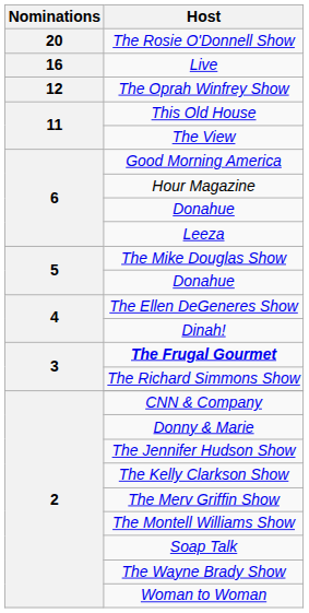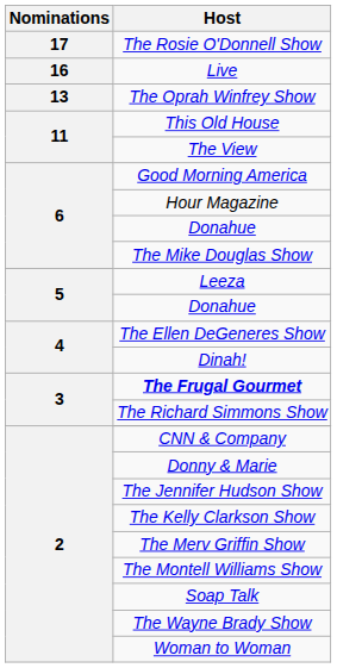 <table class="wikitable" style="text-align: center;">
 <tr>
 <th scope="col" width="55">Nominations</th>
 <th scope="col" align="center">Host</th>
 </tr>
 <tr>
-<th>20</th>
+<th>17</th>
 <td><em><a href='#'>The Rosie O'Donnell Show</a></em></td>
 </tr>
 <tr>
 <th>16</th>
 <td><em><a href='#'>Live</a></em></td>
 </tr>
 <tr>
-<th>12</th>
+<th>13</th>
 <td><em><a href='#'>The Oprah Winfrey Show</a></em></td>
 </tr>
 <tr>
 <th rowspan=2>11</th>
 <td><em><a href='#'>This Old House</a></em></td>
 </tr>
 <tr>
 <td><em><a href='#'>The View</a></em></td>
 </tr>
 <tr>
 <th rowspan=4>6</th>
 <td><em><a href='#'>Good Morning America</a></em></td>
 </tr>
 <tr>
 <td><em>Hour Magazine</em></td>
 </tr>
 <tr>
 <td><em><a href='#'>Donahue</a></em></td>
 </tr>
 <tr>
-<td><em><a href='#'>Leeza</a></em></td>
+<td><em><a href='#'>The Mike Douglas Show</a></em></td>
 </tr>
 <tr>
 <th rowspan=2>5</th>
-<td><em><a href='#'>The Mike Douglas Show</a></em></td>
+<td><em><a href='#'>Leeza</a></em></td>
 </tr>
 <tr>
 <td><em><a href='#'>Donahue</a></em></td>
 </tr>
 <tr>
 <th rowspan=2>4</th>
 <td><em><a href='#'>The Ellen DeGeneres Show</a></em></td>
 </tr>
 <tr>
 <td><em><a href='#'>Dinah!</a></em></td>
 </tr>
 <tr>
 <th rowspan=2>3</th>
 <td><strong><em><a href='#'>The Frugal Gourmet</a></em></strong></td>
 </tr>
 <tr>
 <td><em><a href='#'>The Richard Simmons Show</a></em></td>
 </tr>
 <tr>
 <th rowspan=10>2</th>
 </tr>
 <tr>
 <td><em><a href='#'>CNN & Company</a></em></td>
 </tr>
 <tr>
 <td><em><a href='#'>Donny & Marie</a></em></td>
 </tr>
 <tr>
 <td><em><a href='#'>The Jennifer Hudson Show</a></em></td>
 </tr>
 <tr>
 <td><em><a href='#'>The Kelly Clarkson Show</a></em></td>
 </tr>
 <tr>
 <td><em><a href='#'>The Merv Griffin Show</a></em></td>
 </tr>
 <tr>
 <td><em><a href='#'>The Montell Williams Show</a></em></td>
 </tr>
 <tr>
 <td><em><a href='#'>Soap Talk</a></em></td>
 </tr>
 <tr>
 <td><em><a href='#'>The Wayne Brady Show</a></em></td>
 </tr>
 <tr>
 <td><em><a href='#'>Woman to Woman</a></em></td>
 </tr>
 </table>
